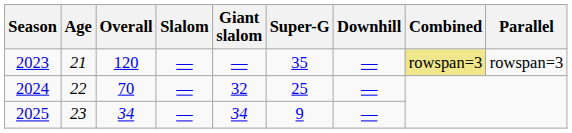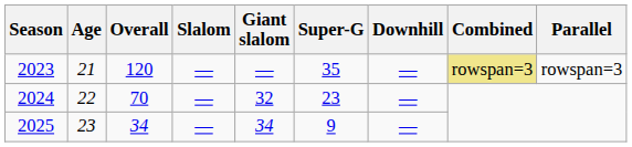 <table class=wikitable style="text-align:center">
 <tr>
 <th>Season</th>
 <th>Age</th>
 <th>Overall</th>
 <th>Slalom</th>
 <th>Giant<br>slalom</th>
 <th>Super-G</th>
 <th>Downhill</th>
 <th>Combined</th>
 <th>Parallel</th>
 </tr>
 <tr>
 <td><a href='#'>2023</a></td>
 <td><em>21</em></td>
 <td><a href='#'>120</a></td>
 <td><a href='#'>—</a></td>
 <td><a href='#'>—</a></td>
 <td><a href='#'>35</a></td>
 <td><a href='#'>—</a></td>
 <td style="background: khaki;">rowspan=3 </td>
 <td>rowspan=3 </td>
 </tr>
 <tr>
 <td><a href='#'>2024</a></td>
 <td><em>22</em></td>
 <td><a href='#'>70</a></td>
 <td><a href='#'>—</a></td>
 <td><a href='#'>32</a></td>
-<td><a href='#'>25</a></td>
+<td><a href='#'>23</a></td>
 <td><a href='#'>—</a></td>
 </tr>
 <tr>
 <td><a href='#'>2025</a></td>
 <td><em>23</em></td>
 <td><a href='#'><em>34</em></a></td>
 <td><a href='#'>—</a></td>
 <td><a href='#'><em>34</em></a></td>
 <td><a href='#'>9</a></td>
 <td><a href='#'>—</a></td>
 </tr>
 </table>
